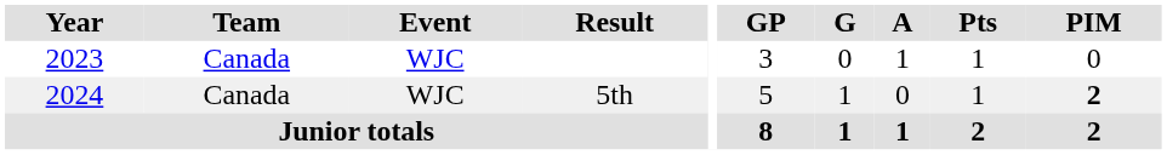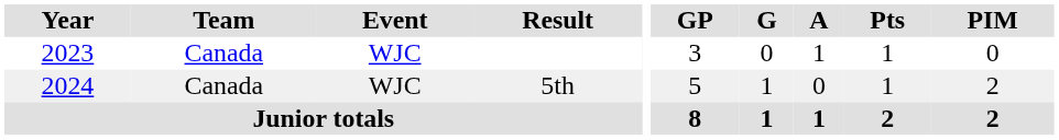 <table border="0" cellpadding="1" cellspacing="0" ID="Table3" style="text-align:center; width:40em;">
 <tr bgcolor="#e0e0e0">
 <th>Year</th>
 <th>Team</th>
 <th>Event</th>
 <th>Result</th>
 <th rowspan="99" bgcolor="#ffffff"></th>
 <th>GP</th>
 <th>G</th>
 <th>A</th>
 <th>Pts</th>
 <th>PIM</th>
 </tr>
 <tr>
 <td><a href='#'>2023</a></td>
 <td><a href='#'>Canada</a></td>
 <td><a href='#'>WJC</a></td>
 <td></td>
 <td>3</td>
 <td>0</td>
 <td>1</td>
 <td>1</td>
 <td>0</td>
 </tr>
 <tr bgcolor="#f0f0f0">
 <td><a href='#'>2024</a></td>
 <td>Canada</td>
 <td>WJC</td>
 <td>5th</td>
 <td>5</td>
 <td>1</td>
 <td>0</td>
 <td>1</td>
-<td><strong>2</strong></td>
+<td>2</td>
 </tr>
 <tr bgcolor="#e0e0e0">
 <th colspan="4">Junior totals</th>
 <th>8</th>
 <th>1</th>
 <th>1</th>
 <th>2</th>
 <th>2</th>
 </tr>
 </table>
